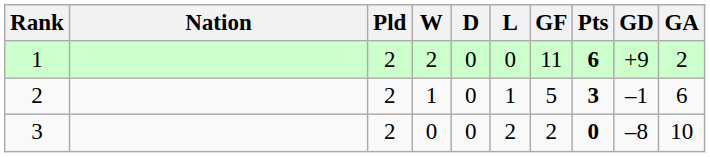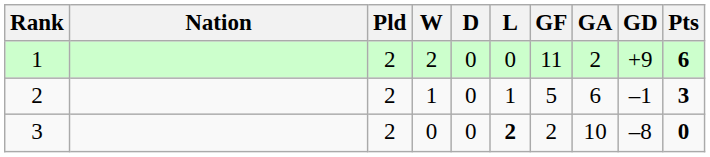 <table class="wikitable" style="text-align: center;">
 <tr>
 <th width=5>Rank</th>
 <th width=200>Nation</th>
 <th width=20>Pld</th>
 <th width=20>W</th>
 <th width=20>D</th>
 <th width=20>L</th>
 <th width=20>GF</th>
+<th width=20>GA</th>
+<th width=20>GD</th>
 <th width=20>Pts</th>
-<th width=20>GD</th>
-<th width=20>GA</th>
 </tr>
 <tr style="background:#ccffcc">
 <td>1</td>
 <td style="text-align:left"></td>
 <td>2</td>
 <td>2</td>
 <td>0</td>
 <td>0</td>
 <td>11</td>
+<td>2</td>
+<td>+9</td>
 <td><strong>6</strong></td>
-<td>+9</td>
-<td>2</td>
 </tr>
 <tr>
 <td>2</td>
 <td style="text-align:left"></td>
 <td>2</td>
 <td>1</td>
 <td>0</td>
 <td>1</td>
 <td>5</td>
+<td>6</td>
+<td>–1</td>
 <td><strong>3</strong></td>
-<td>–1</td>
-<td>6</td>
 </tr>
 <tr>
 <td>3</td>
 <td style="text-align:left"></td>
 <td>2</td>
 <td>0</td>
 <td>0</td>
+<td><strong>2</strong></td>
 <td>2</td>
-<td>2</td>
+<td>10</td>
+<td>–8</td>
 <td><strong>0</strong></td>
-<td>–8</td>
-<td>10</td>
 </tr>
 </table>
